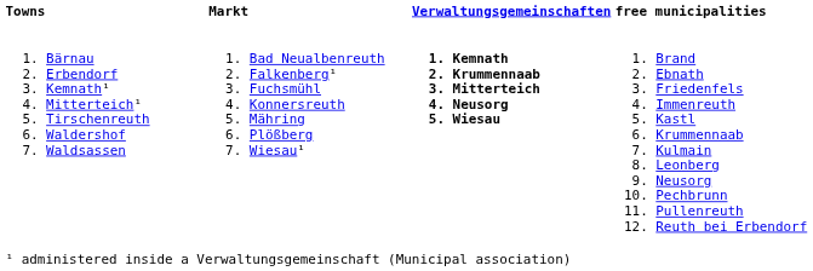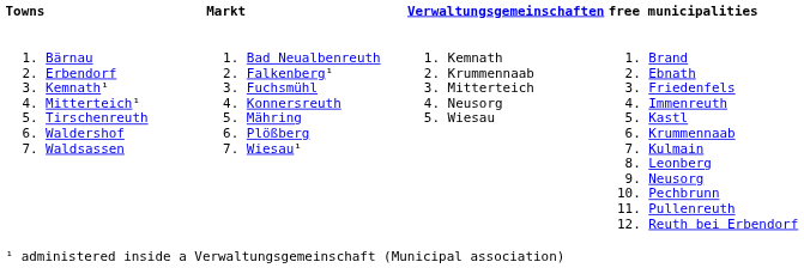 <table>
 <tr>
 <th width=25% align=left>Towns</th>
 <th width=25% align=left>Markt</th>
 <th width=25% align=left><a href='#'>Verwaltungsgemeinschaften</a></th>
 <th width=25% align=left>free municipalities</th>
 </tr>
 <tr valign=top>
 <td><br><ol><li><a href='#'>Bärnau</a></li><li><a href='#'>Erbendorf</a></li><li><a href='#'>Kemnath</a>¹</li><li><a href='#'>Mitterteich</a>¹</li><li><a href='#'>Tirschenreuth</a></li><li><a href='#'>Waldershof</a></li><li><a href='#'>Waldsassen</a></li></ol></td>
 <td><br><ol><li><a href='#'>Bad Neualbenreuth</a></li><li><a href='#'>Falkenberg</a>¹</li><li><a href='#'>Fuchsmühl</a></li><li><a href='#'>Konnersreuth</a></li><li><a href='#'>Mähring</a></li><li><a href='#'>Plößberg</a></li><li><a href='#'>Wiesau</a>¹</li></ol></td>
-<td><strong><br><ol><li>Kemnath</li><li>Krummennaab</li><li>Mitterteich</li><li>Neusorg</li><li>Wiesau</li></ol></strong></td>
+<td><br><ol><li>Kemnath</li><li>Krummennaab</li><li>Mitterteich</li><li>Neusorg</li><li>Wiesau</li></ol></td>
 <td><br><ol><li><a href='#'>Brand</a></li><li><a href='#'>Ebnath</a></li><li><a href='#'>Friedenfels</a></li><li><a href='#'>Immenreuth</a></li><li><a href='#'>Kastl</a></li><li><a href='#'>Krummennaab</a></li><li><a href='#'>Kulmain</a></li><li><a href='#'>Leonberg</a></li><li><a href='#'>Neusorg</a></li><li><a href='#'>Pechbrunn</a></li><li><a href='#'>Pullenreuth</a></li><li><a href='#'>Reuth bei Erbendorf</a></li></ol></td>
 </tr>
 <tr>
 <td colspan=4>¹ administered inside a Verwaltungsgemeinschaft (Municipal association)</td>
 </tr>
 </table>
